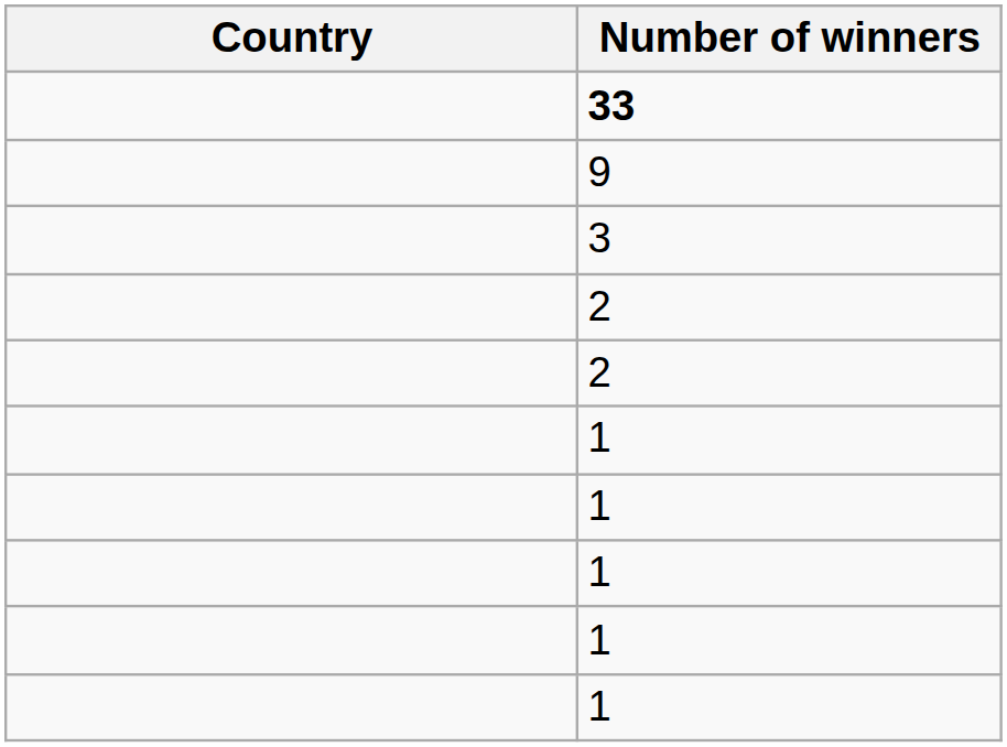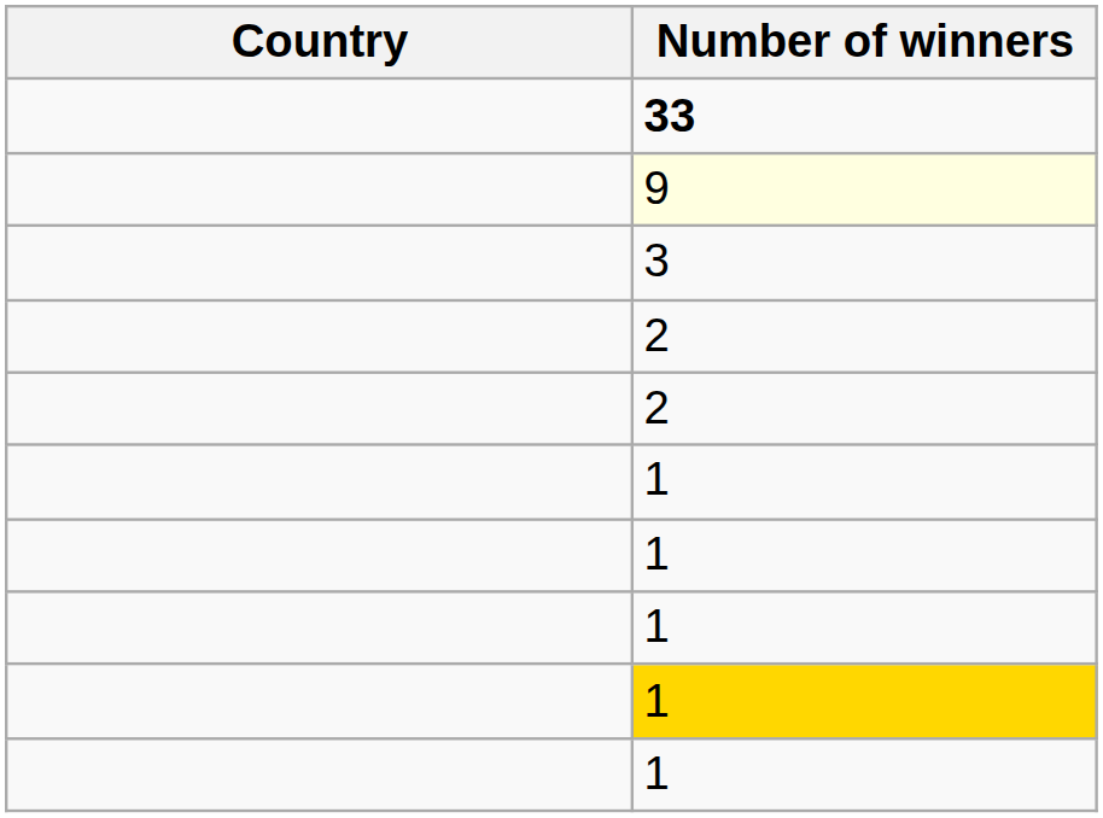 <table class="sortable wikitable" width=30%>
 <tr bgcolor="#efefef">
 <th ! width=8%>Country</th>
 <th width=5%>Number of winners</th>
 </tr>
 <tr>
 <td></td>
 <td><strong>33</strong></td>
 </tr>
 <tr>
 <td></td>
-<td>9</td>
+<td style="background: lightyellow;">9</td>
 </tr>
 <tr>
 <td></td>
 <td>3</td>
 </tr>
 <tr>
 <td></td>
 <td>2</td>
 </tr>
 <tr>
 <td></td>
 <td>2</td>
 </tr>
 <tr>
 <td></td>
 <td>1</td>
 </tr>
 <tr>
 <td></td>
 <td>1</td>
 </tr>
 <tr>
 <td></td>
 <td>1</td>
 </tr>
 <tr>
 <td></td>
-<td>1</td>
+<td style="background: gold;">1</td>
 </tr>
 <tr>
 <td></td>
 <td>1</td>
 </tr>
 </table>
